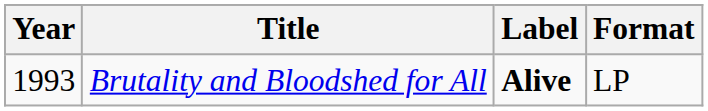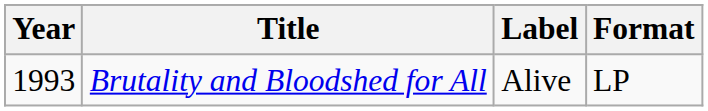 <table class="wikitable">
 <tr>
 <th>Year</th>
 <th>Title</th>
 <th>Label</th>
 <th>Format</th>
 </tr>
 <tr>
 <td>1993</td>
 <td><em><a href='#'>Brutality and Bloodshed for All</a></em></td>
-<td><strong>Alive</strong></td>
+<td>Alive</td>
 <td>LP</td>
 </tr>
 </table>
